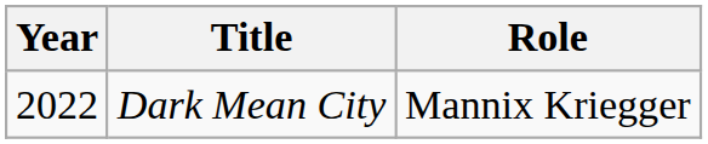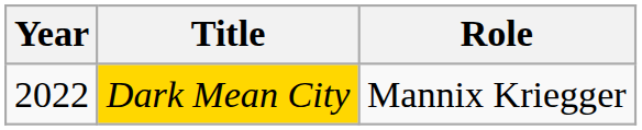 <table class="wikitable">
 <tr>
 <th>Year</th>
 <th>Title</th>
 <th>Role</th>
 </tr>
 <tr>
 <td>2022</td>
-<td><em>Dark Mean City</em></td>
+<td style="background: gold;"><em>Dark Mean City</em></td>
 <td>Mannix Kriegger</td>
 </tr>
 </table>
